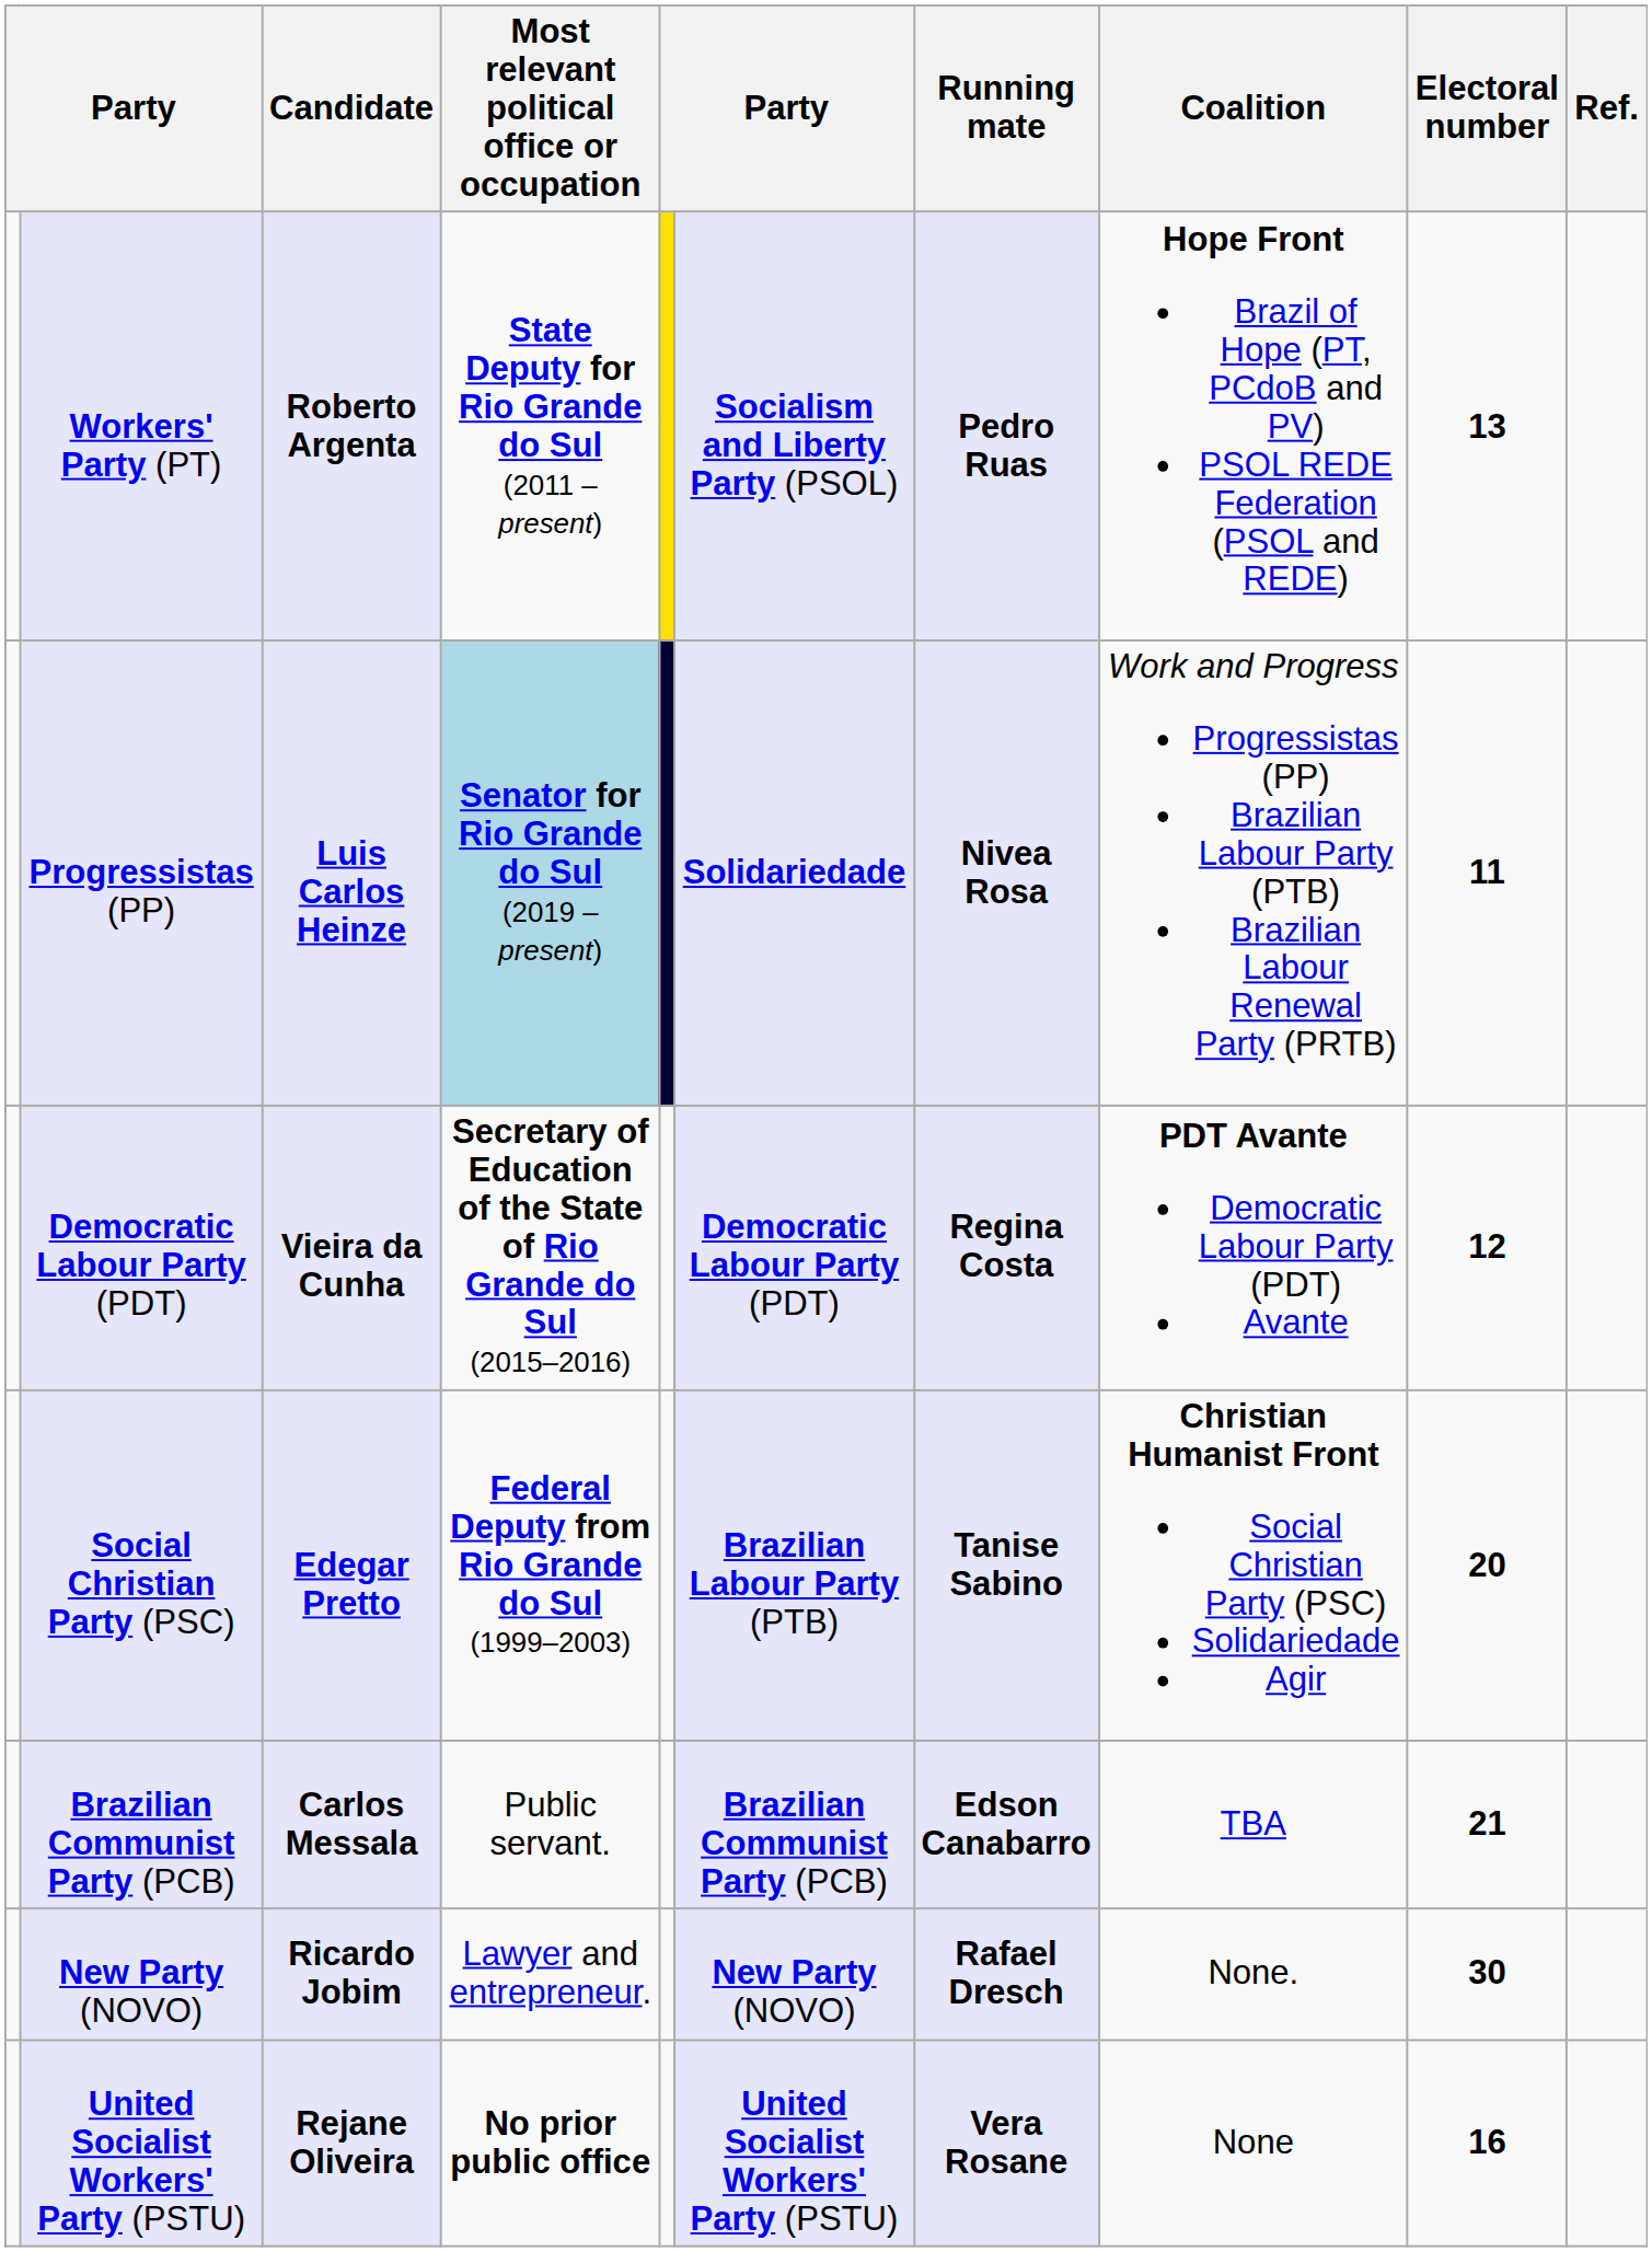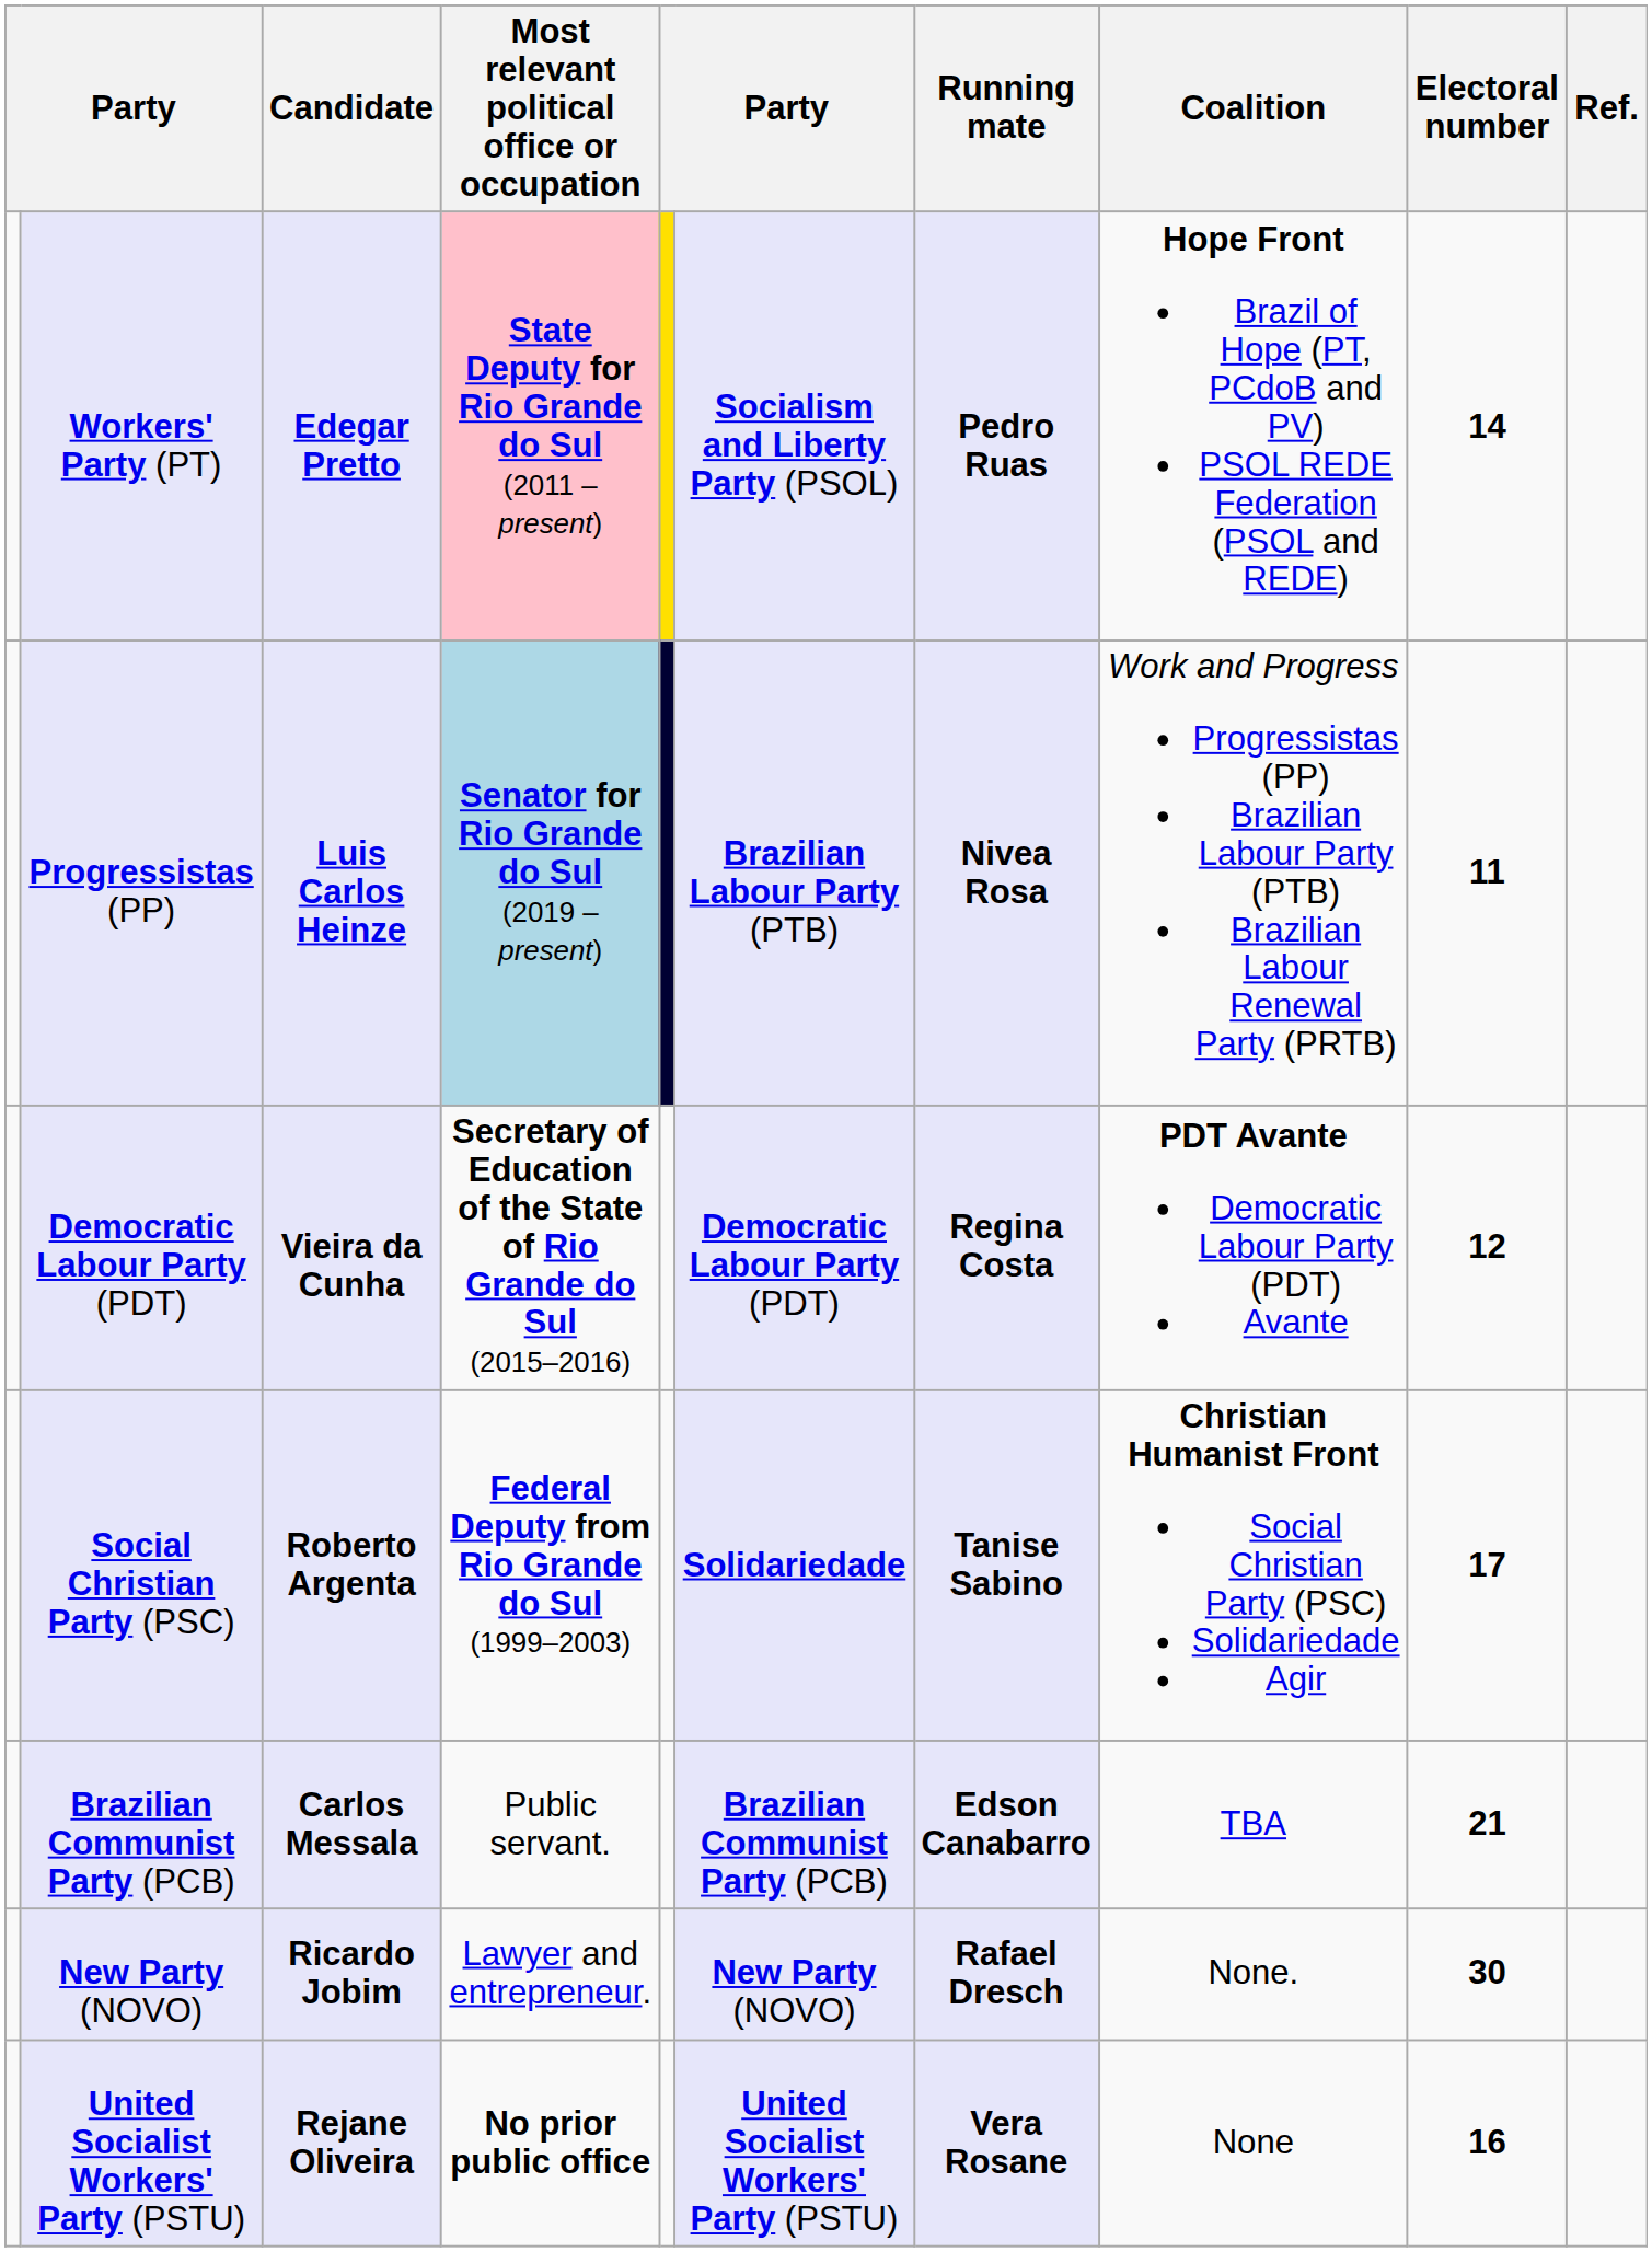 <table class="wikitable" style="text-align:center;">
 <tr>
 <th colspan="2">Party</th>
 <th>Candidate</th>
 <th>Most relevant political office or occupation</th>
 <th colspan="2">Party</th>
 <th>Running mate</th>
 <th>Coalition</th>
 <th>Electoral number</th>
 <th>Ref.</th>
 </tr>
 <tr>
 <td style="background-color:"></td>
 <td style="background:lavender;"><br><strong><a href='#'>Workers' Party</a></strong> (PT)</td>
-<td style="background:lavender;"><strong>Roberto Argenta</strong></td>
-<td><strong><a href='#'>State Deputy</a> for <a href='#'>Rio Grande do Sul</a></strong><br><small>(2011 – <em>present</em>)</small></td>
+<td style="background:lavender;"><br><strong><a href='#'>Edegar Pretto</a></strong></td>
+<td style="background: pink;"><strong><a href='#'>State Deputy</a> for <a href='#'>Rio Grande do Sul</a></strong><br><small>(2011 – <em>present</em>)</small></td>
 <td style="background-color:#FFE000;"></td>
 <td style="background:lavender;"><br><strong><a href='#'>Socialism and Liberty Party</a></strong> (PSOL)</td>
 <td style="background:lavender;"><br><strong>Pedro Ruas</strong></td>
 <td><strong>Hope Front</strong><br><ul><li><a href='#'>Brazil of Hope</a> (<a href='#'>PT</a>, <a href='#'>PCdoB</a> and <a href='#'>PV</a>)</li><li><a href='#'>PSOL REDE Federation</a> (<a href='#'>PSOL</a> and <a href='#'>REDE</a>)</li></ul></td>
-<td><strong>13</strong></td>
+<td><strong>14</strong></td>
 <td></td>
 </tr>
 <tr>
 <td style="background-color:"></td>
 <td style="background:lavender;"><br><strong><a href='#'>Progressistas</a></strong> (PP)</td>
 <td style="background:lavender;"><br><strong><a href='#'>Luis Carlos Heinze</a></strong></td>
 <td style="background: lightblue;"><strong><a href='#'>Senator</a> for <a href='#'>Rio Grande do Sul</a></strong><br><small>(2019 – <em>present</em>)</small></td>
 <td style="background-color:#003;"></td>
-<td style="background:lavender;"><strong><a href='#'>Solidariedade</a></strong></td>
+<td style="background:lavender;"><br><a href='#'><strong>Brazilian Labour Party</strong></a> (PTB)</td>
 <td style="background:lavender;"><strong>Nivea Rosa</strong></td>
 <td><em>Work and Progress</em><br><ul><li><a href='#'>Progressistas</a> (PP)</li><li><a href='#'>Brazilian Labour Party</a> (PTB)</li><li><a href='#'>Brazilian Labour Renewal Party</a> (PRTB)</li></ul></td>
 <td><strong>11</strong></td>
 <td></td>
 </tr>
 <tr>
 <td style="background-color:"></td>
 <td style="background:lavender;"><br><strong><a href='#'>Democratic Labour Party</a></strong> (PDT)</td>
 <td style="background:lavender;"><br><strong>Vieira da Cunha</strong></td>
 <td><strong>Secretary of Education of the State of <a href='#'>Rio Grande do Sul</a></strong><br><small>(2015–2016)</small></td>
 <td style="background-color:"></td>
 <td style="background:lavender;"><br><strong><a href='#'>Democratic Labour Party</a></strong> (PDT)</td>
 <td style="background:lavender;"><strong>Regina Costa</strong></td>
 <td><strong>PDT Avante</strong><br><ul><li><a href='#'>Democratic Labour Party</a> (PDT)</li><li><a href='#'>Avante</a></li></ul></td>
 <td><strong>12</strong></td>
 <td></td>
 </tr>
 <tr>
 <td style="background-color:"></td>
 <td style="background:lavender;"><strong></strong><br><strong><a href='#'>Social Christian Party</a></strong> (PSC)</td>
-<td style="background:lavender;"><br><strong><a href='#'>Edegar Pretto</a></strong></td>
+<td style="background:lavender;"><strong>Roberto Argenta</strong></td>
 <td><strong><a href='#'>Federal Deputy</a> from <a href='#'>Rio Grande do Sul</a></strong><br><small>(1999–2003)</small></td>
 <td style="background-color:"></td>
-<td style="background:lavender;"><br><a href='#'><strong>Brazilian Labour Party</strong></a> (PTB)</td>
+<td style="background:lavender;"><strong><a href='#'>Solidariedade</a></strong></td>
 <td style="background:lavender;"><strong>Tanise Sabino</strong></td>
 <td><strong>Christian Humanist Front</strong><br><ul><li><a href='#'>Social Christian Party</a> (PSC)</li><li><a href='#'>Solidariedade</a></li><li><a href='#'>Agir</a></li></ul></td>
-<td><strong>20</strong></td>
+<td><strong>17</strong></td>
 <td></td>
 </tr>
 <tr>
 <td style="background-color:"></td>
 <td style="background:lavender;"><strong><br><a href='#'>Brazilian Communist Party</a></strong> (PCB)</td>
 <td style="background:lavender;"><strong>Carlos Messala</strong></td>
 <td>Public servant.</td>
 <td style="background-color:"></td>
 <td style="background:lavender;"><strong><br><a href='#'>Brazilian Communist Party</a></strong> (PCB)</td>
 <td style="background:lavender;"><strong>Edson Canabarro</strong></td>
 <td><a href='#'>TBA</a></td>
 <td><strong>21</strong></td>
 <td></td>
 </tr>
 <tr>
 <td style="background-color:"></td>
 <td style="background:lavender;"><strong></strong><br><strong><a href='#'>New Party</a></strong> (NOVO)</td>
 <td style="background:lavender;"><strong>Ricardo Jobim</strong></td>
 <td><a href='#'>Lawyer</a> and <a href='#'>entrepreneur</a>.</td>
 <td style="background-color:"></td>
 <td style="background:lavender;"><strong></strong><br><strong><a href='#'>New Party</a></strong> (NOVO)</td>
 <td style="background:lavender;"><strong>Rafael Dresch</strong></td>
 <td>None.</td>
 <td><strong>30</strong></td>
 <td></td>
 </tr>
 <tr>
 <td style="background-color:"></td>
 <td style="background:lavender;"><br><strong><a href='#'>United Socialist Workers' Party</a></strong> (PSTU)</td>
 <td style="background:lavender;"><strong>Rejane Oliveira</strong></td>
 <td><strong>No prior public office</strong></td>
 <td style="background-color:"></td>
 <td style="background:lavender;"><br><strong><a href='#'>United Socialist Workers' Party</a></strong> (PSTU)</td>
 <td style="background:lavender;"><strong>Vera Rosane</strong></td>
 <td>None</td>
 <td><strong>16</strong></td>
 <td></td>
 </tr>
 </table>
